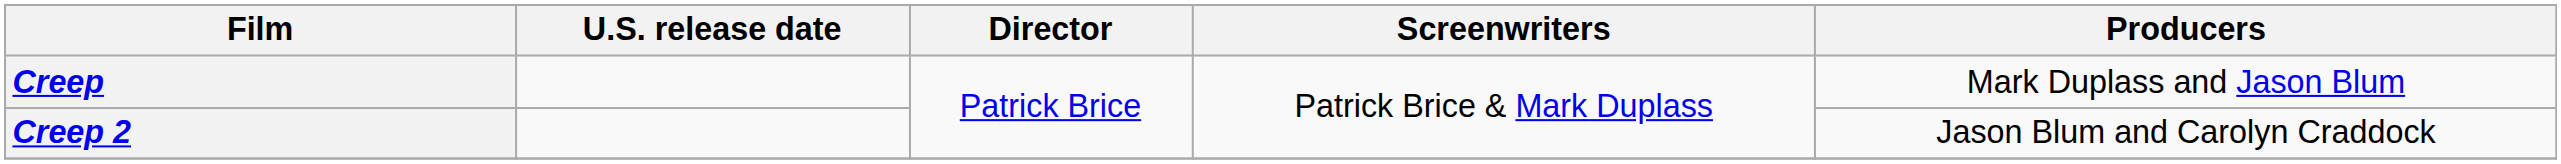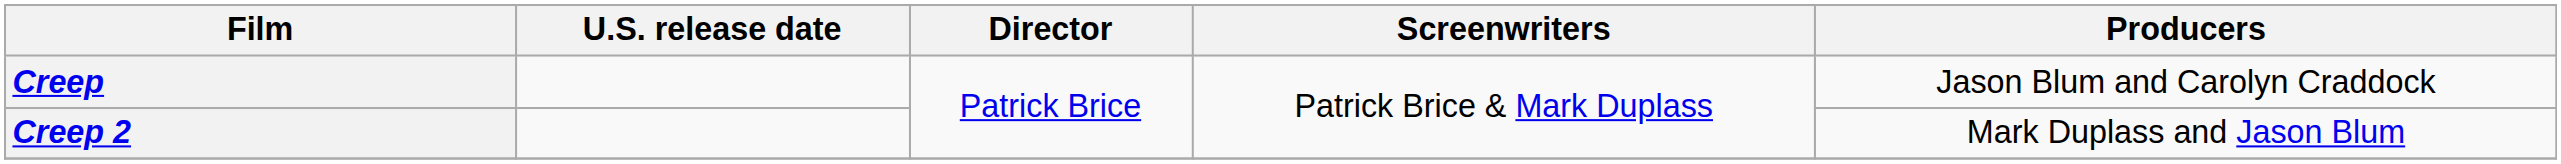 <table class="wikitable plainrowheaders" style="text-align:center" width=100%>
 <tr>
 <th scope="col" style="width:20%;">Film</th>
 <th scope="col">U.S. release date</th>
 <th scope="col">Director</th>
 <th scope="col">Screenwriters</th>
 <th scope="col">Producers</th>
 </tr>
 <tr>
 <th scope="row" style="text-align:left"><em><a href='#'>Creep</a></em></th>
 <td></td>
 <td rowspan="2"><a href='#'>Patrick Brice</a></td>
 <td rowspan="2">Patrick Brice & <a href='#'>Mark Duplass</a></td>
-<td>Mark Duplass and <a href='#'>Jason Blum</a></td>
+<td>Jason Blum and Carolyn Craddock</td>
 </tr>
 <tr>
 <th scope="row" style="text-align:left"><em><a href='#'>Creep 2</a></em></th>
 <td></td>
-<td>Jason Blum and Carolyn Craddock</td>
+<td>Mark Duplass and <a href='#'>Jason Blum</a></td>
 </tr>
 <tr>
 </tr>
 </table>
